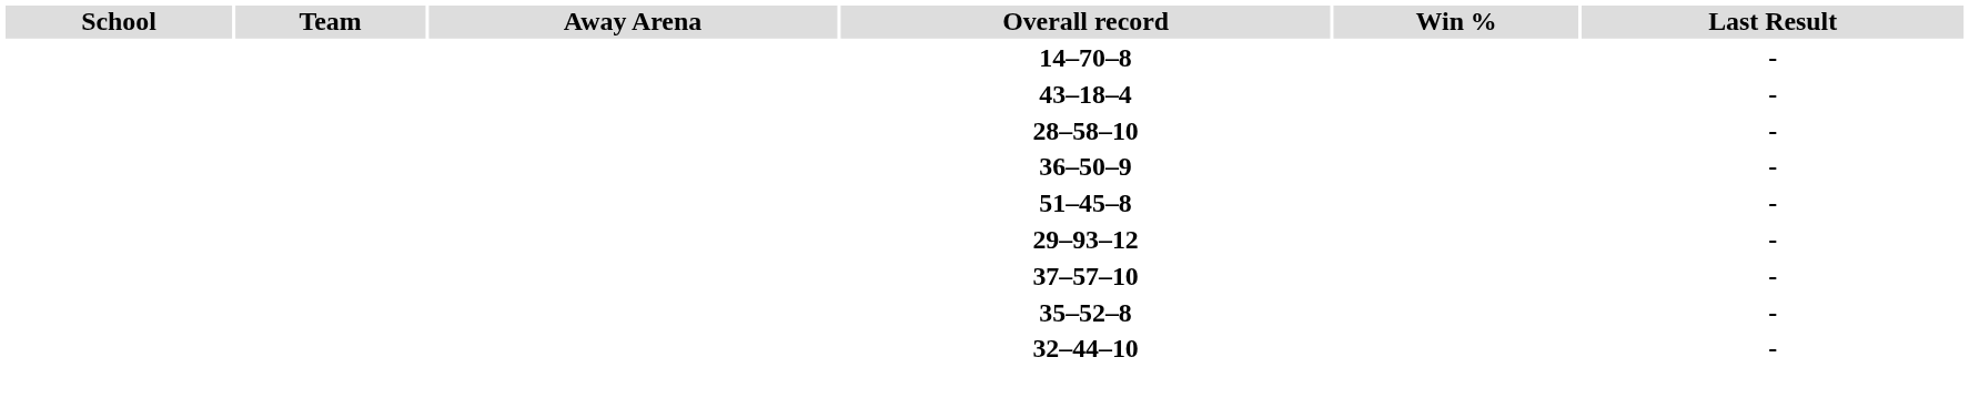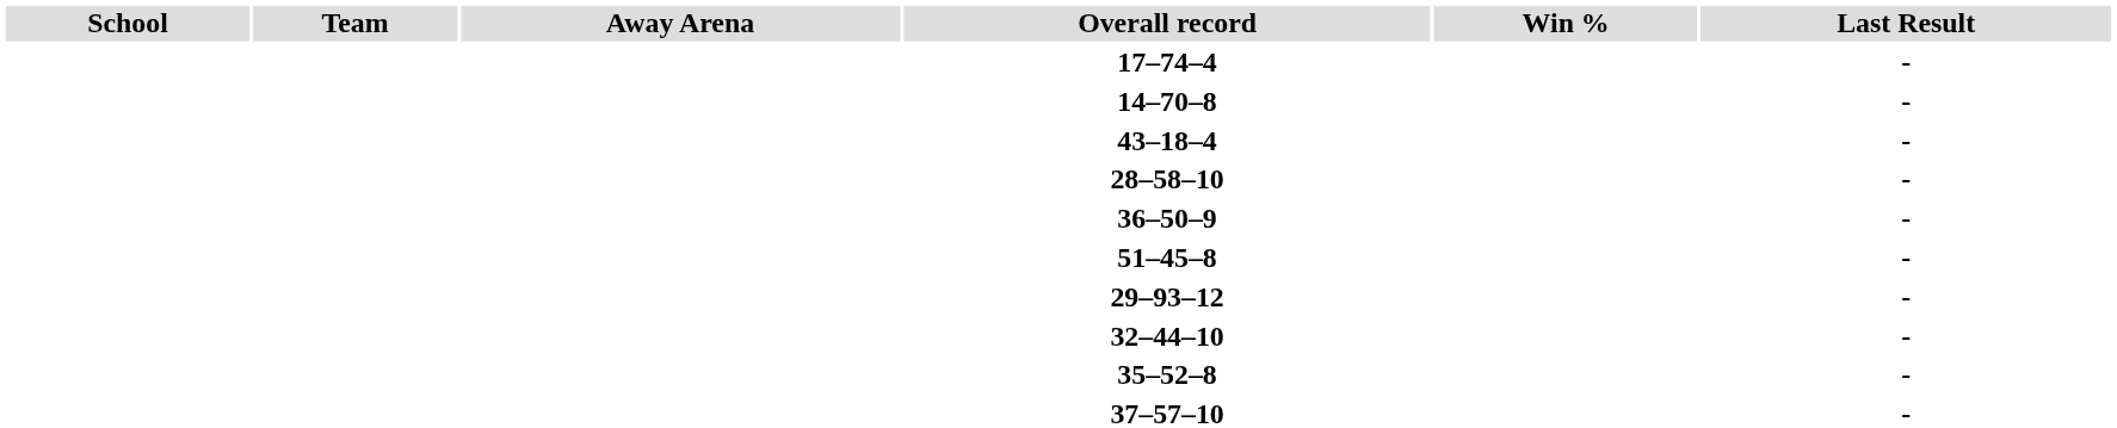 <table width="75%">
 <tr align="center"  bgcolor="#dddddd">
 <th>School</th>
 <th>Team</th>
 <th>Away Arena</th>
 <th>Overall record</th>
 <th>Win %</th>
 <th>Last Result</th>
+</tr>
+<tr align="center">
+<td><strong><a href='#'></a></strong></td>
+<td><strong><a href='#'></a></strong></td>
+<td><strong><a href='#'></a> </strong></td>
+<td><strong>17–74–4</strong></td>
+<td><strong></strong></td>
+<td><strong>-</strong></td>
 </tr>
 <tr align="center">
 <td><strong><a href='#'></a></strong></td>
 <td><strong><a href='#'></a></strong></td>
 <td><strong><a href='#'></a> </strong></td>
 <td><strong>14–70–8</strong></td>
 <td><strong></strong></td>
 <td><strong>-</strong></td>
 </tr>
 <tr align="center">
 <td><strong><a href='#'></a></strong></td>
 <td><strong><a href='#'></a></strong></td>
 <td><strong><a href='#'></a> </strong></td>
 <td><strong>43–18–4</strong></td>
 <td><strong></strong></td>
 <td><strong>-</strong></td>
 </tr>
 <tr align="center">
 <td><strong><a href='#'></a></strong></td>
 <td><strong><a href='#'></a></strong></td>
 <td><strong><a href='#'></a> </strong></td>
 <td><strong>28–58–10</strong></td>
 <td><strong></strong></td>
 <td><strong>-</strong></td>
 </tr>
 <tr align="center">
 <td><strong><a href='#'></a></strong></td>
 <td><strong><a href='#'></a></strong></td>
 <td><strong><a href='#'></a></strong></td>
 <td><strong>36–50–9</strong></td>
 <td><strong></strong></td>
 <td><strong>-</strong></td>
 </tr>
 <tr align="center">
 <td><strong><a href='#'></a></strong></td>
 <td><strong><a href='#'></a></strong></td>
 <td><strong><a href='#'></a></strong></td>
 <td><strong>51–45–8</strong></td>
 <td><strong></strong></td>
 <td><strong>-</strong></td>
 </tr>
 <tr align="center">
 <td><strong><a href='#'></a></strong></td>
 <td><strong><a href='#'></a></strong></td>
 <td><strong><a href='#'></a></strong></td>
 <td><strong>29–93–12</strong></td>
 <td><strong></strong></td>
 <td><strong>-</strong></td>
 </tr>
 <tr align="center">
 <td><strong><a href='#'></a></strong></td>
 <td><strong><a href='#'></a></strong></td>
 <td><strong><a href='#'></a></strong></td>
-<td><strong>37–57–10</strong></td>
+<td><strong>32–44–10</strong></td>
 <td><strong></strong></td>
 <td><strong>-</strong></td>
 </tr>
 <tr align="center">
 <td><strong><a href='#'></a></strong></td>
 <td><strong><a href='#'></a></strong></td>
 <td><strong><a href='#'></a></strong></td>
 <td><strong>35–52–8</strong></td>
 <td><strong></strong></td>
 <td><strong>-</strong></td>
 </tr>
 <tr align="center">
 <td><strong><a href='#'></a></strong></td>
 <td><strong><a href='#'></a></strong></td>
 <td><strong><a href='#'></a></strong></td>
-<td><strong>32–44–10</strong></td>
+<td><strong>37–57–10</strong></td>
 <td><strong></strong></td>
 <td><strong>-</strong></td>
 </tr>
 </table>
